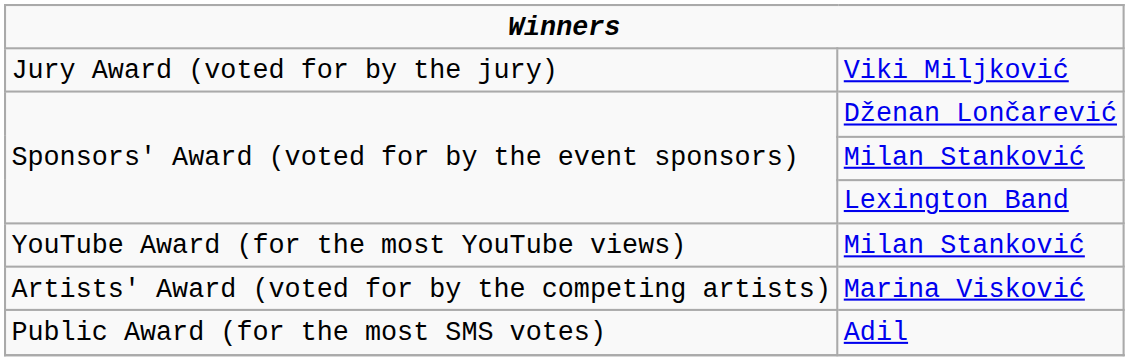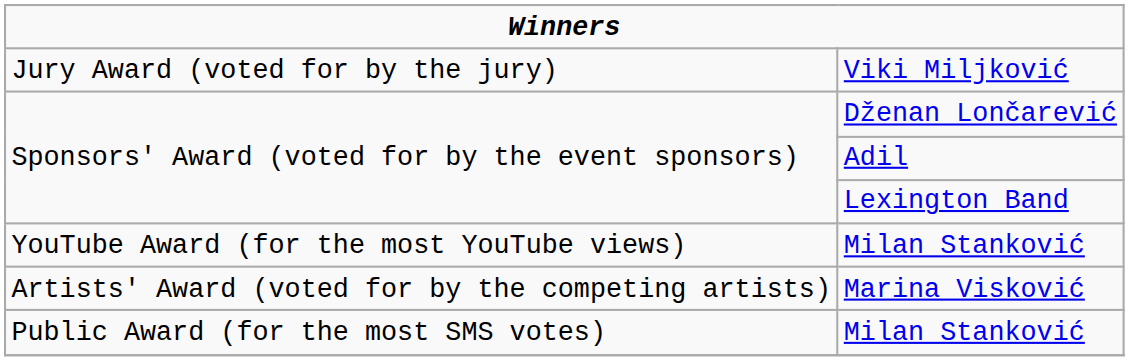 <table class="wikitable">
 <tr>
 <td colspan=2 align=center><strong><em>Winners</em></strong></td>
 </tr>
 <tr>
 <td>Jury Award (voted for by the jury)</td>
 <td><a href='#'>Viki Miljković</a></td>
 </tr>
 <tr>
 <td rowspan=3>Sponsors' Award (voted for by the event sponsors)</td>
 <td><a href='#'>Dženan Lončarević</a></td>
 </tr>
 <tr>
-<td><a href='#'>Milan Stanković</a></td>
+<td><a href='#'>Adil</a></td>
 </tr>
 <tr>
 <td><a href='#'>Lexington Band</a></td>
 </tr>
 <tr>
 <td>YouTube Award (for the most YouTube views)</td>
 <td><a href='#'>Milan Stanković</a></td>
 </tr>
 <tr>
 <td>Artists' Award (voted for by the competing artists)</td>
 <td><a href='#'>Мarina Visković</a></td>
 </tr>
 <tr>
 <td>Public Award (for the most SMS votes)</td>
-<td><a href='#'>Adil</a></td>
+<td><a href='#'>Milan Stanković</a></td>
 </tr>
 <tr>
 </tr>
 </table>
